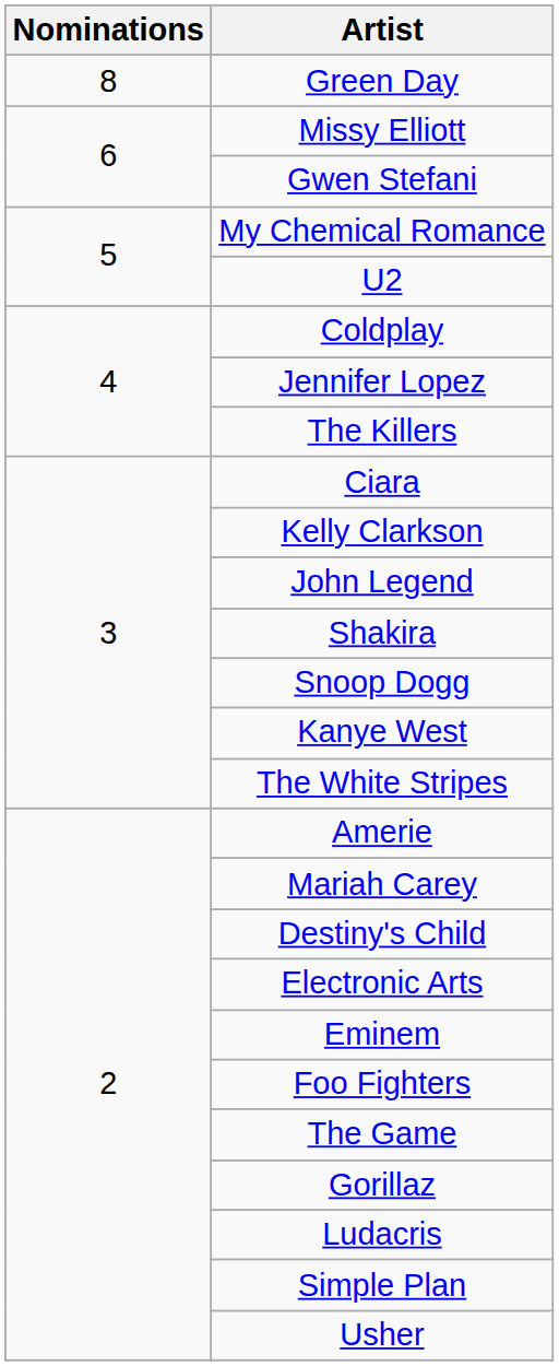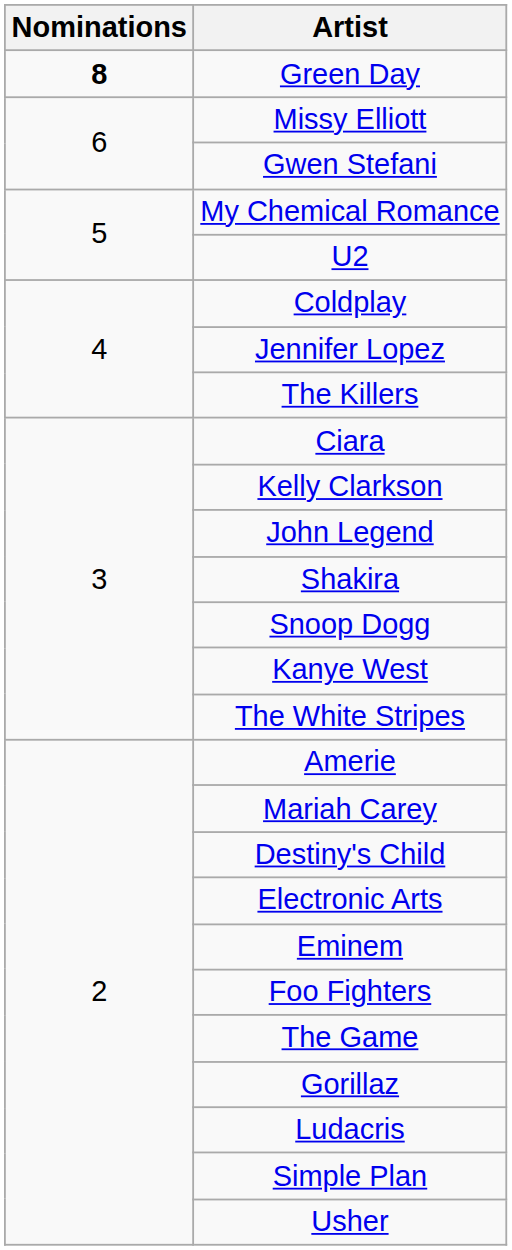 <table class="wikitable" rowspan="2" style="text-align:center">
 <tr>
 <th scope="col" style="width:55px;">Nominations</th>
 <th scope="col" style="text-align:center;">Artist</th>
 </tr>
 <tr>
-<td style="text-align:center">8</td>
+<td style="text-align:center"><strong>8</strong></td>
 <td><a href='#'>Green Day</a></td>
 </tr>
 <tr>
 <td rowspan="2" style="text-align:center">6</td>
 <td><a href='#'>Missy Elliott</a></td>
 </tr>
 <tr>
 <td><a href='#'>Gwen Stefani</a></td>
 </tr>
 <tr>
 <td rowspan="2" style="text-align:center">5</td>
 <td><a href='#'>My Chemical Romance</a></td>
 </tr>
 <tr>
 <td><a href='#'>U2</a></td>
 </tr>
 <tr>
 <td rowspan="3" style="text-align:center">4</td>
 <td><a href='#'>Coldplay</a></td>
 </tr>
 <tr>
 <td><a href='#'>Jennifer Lopez</a></td>
 </tr>
 <tr>
 <td><a href='#'>The Killers</a></td>
 </tr>
 <tr>
 <td rowspan="7" style="text-align:center">3</td>
 <td><a href='#'>Ciara</a></td>
 </tr>
 <tr>
 <td><a href='#'>Kelly Clarkson</a></td>
 </tr>
 <tr>
 <td><a href='#'>John Legend</a></td>
 </tr>
 <tr>
 <td><a href='#'>Shakira</a></td>
 </tr>
 <tr>
 <td><a href='#'>Snoop Dogg</a></td>
 </tr>
 <tr>
 <td><a href='#'>Kanye West</a></td>
 </tr>
 <tr>
 <td><a href='#'>The White Stripes</a></td>
 </tr>
 <tr>
 <td rowspan="11" style="text-align:center">2</td>
 <td><a href='#'>Amerie</a></td>
 </tr>
 <tr>
 <td><a href='#'>Mariah Carey</a></td>
 </tr>
 <tr>
 <td><a href='#'>Destiny's Child</a></td>
 </tr>
 <tr>
 <td><a href='#'>Electronic Arts</a></td>
 </tr>
 <tr>
 <td><a href='#'>Eminem</a></td>
 </tr>
 <tr>
 <td><a href='#'>Foo Fighters</a></td>
 </tr>
 <tr>
 <td><a href='#'>The Game</a></td>
 </tr>
 <tr>
 <td><a href='#'>Gorillaz</a></td>
 </tr>
 <tr>
 <td><a href='#'>Ludacris</a></td>
 </tr>
 <tr>
 <td><a href='#'>Simple Plan</a></td>
 </tr>
 <tr>
 <td><a href='#'>Usher</a></td>
 </tr>
 </table>
